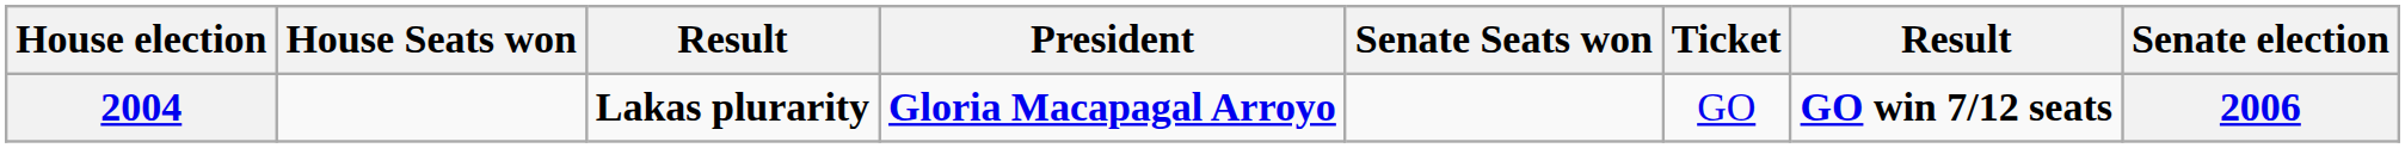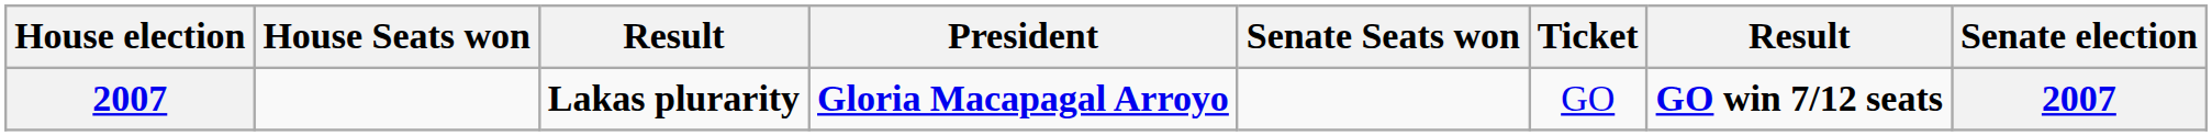 <table class="wikitable" style="text-align:center; font-size:90%">
 <tr>
 <th>House election</th>
 <th>House Seats won</th>
 <th>Result</th>
 <th>President</th>
 <th>Senate Seats won</th>
 <th>Ticket</th>
 <th>Result</th>
 <th>Senate election</th>
 </tr>
 <tr>
-<th><a href='#'>2004</a></th>
+<th><a href='#'>2007</a></th>
 <td></td>
 <td><strong>Lakas plurarity</strong></td>
 <td style="background:"><strong><a href='#'>Gloria Macapagal Arroyo</a></strong></td>
 <td></td>
 <td style="background:"><a href='#'><span>GO</span></a></td>
 <td style="background:"><span><strong><a href='#'><span>GO</span></a> win 7/12 seats</strong></span></td>
-<th><a href='#'>2006</a></th>
+<th><a href='#'>2007</a></th>
 </tr>
 </table>
